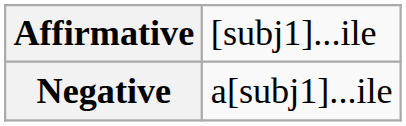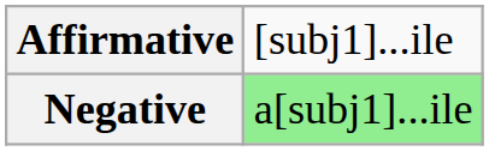 <table class="wikitable">
 <tr>
 <th>Affirmative</th>
 <td>[subj1]...ile</td>
 </tr>
 <tr>
 <th>Negative</th>
-<td>a[subj1]...ile</td>
+<td style="background: lightgreen;">a[subj1]...ile</td>
 </tr>
 </table>
